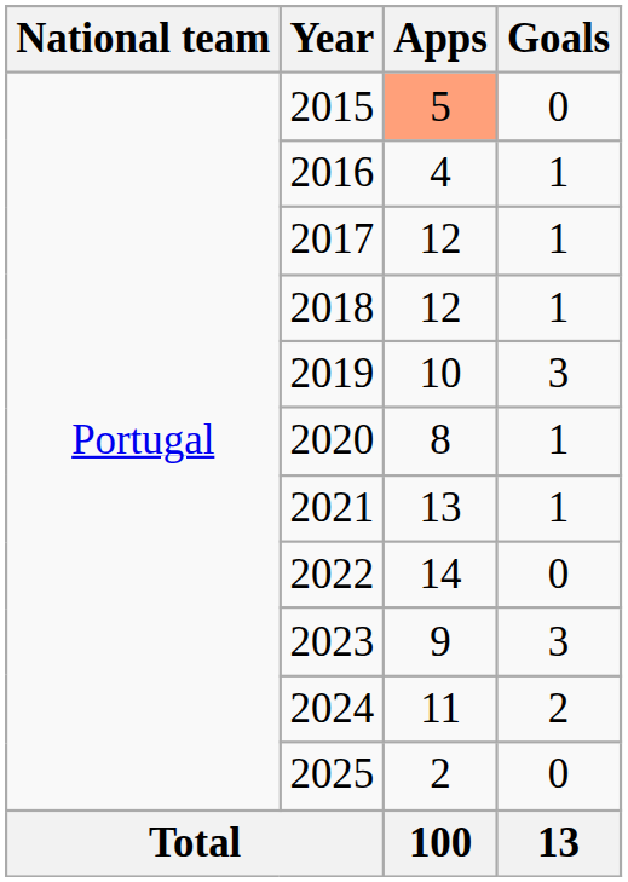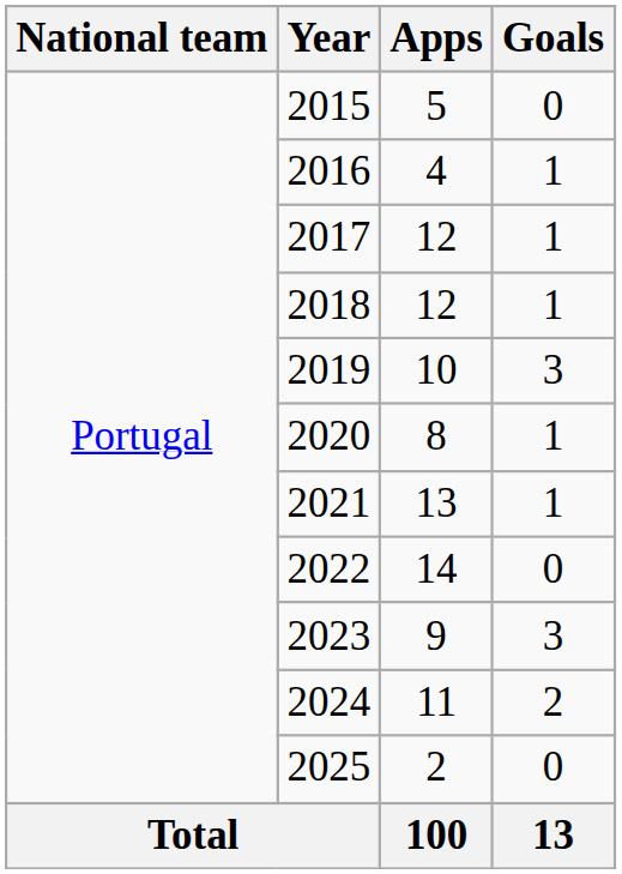 <table class="wikitable" style="text-align: center;">
 <tr>
 <th>National team</th>
 <th>Year</th>
 <th>Apps</th>
 <th>Goals</th>
 </tr>
 <tr>
 <td rowspan="11"><a href='#'>Portugal</a></td>
 <td>2015</td>
-<td style="background: lightsalmon;">5</td>
+<td>5</td>
 <td>0</td>
 </tr>
 <tr>
 <td>2016</td>
 <td>4</td>
 <td>1</td>
 </tr>
 <tr>
 <td>2017</td>
 <td>12</td>
 <td>1</td>
 </tr>
 <tr>
 <td>2018</td>
 <td>12</td>
 <td>1</td>
 </tr>
 <tr>
 <td>2019</td>
 <td>10</td>
 <td>3</td>
 </tr>
 <tr>
 <td>2020</td>
 <td>8</td>
 <td>1</td>
 </tr>
 <tr>
 <td>2021</td>
 <td>13</td>
 <td>1</td>
 </tr>
 <tr>
 <td>2022</td>
 <td>14</td>
 <td>0</td>
 </tr>
 <tr>
 <td>2023</td>
 <td>9</td>
 <td>3</td>
 </tr>
 <tr>
 <td>2024</td>
 <td>11</td>
 <td>2</td>
 </tr>
 <tr>
 <td>2025</td>
 <td>2</td>
 <td>0</td>
 </tr>
 <tr>
 <th colspan="2">Total</th>
 <th>100</th>
 <th>13</th>
 </tr>
 </table>
